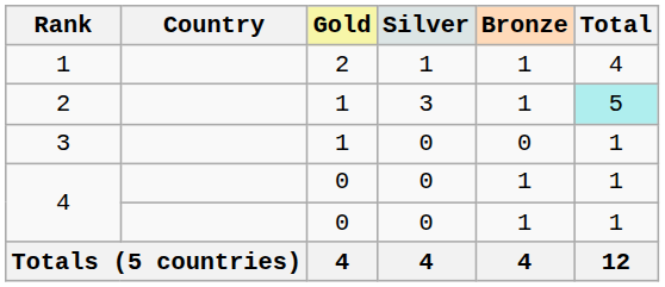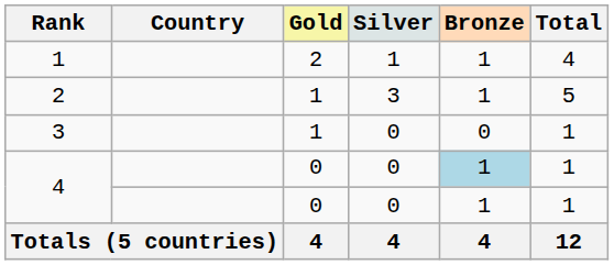 <table class="wikitable sortable" style="text-align:center;">
 <tr>
 <th>Rank</th>
 <th>Country</th>
 <th style="background:#F7F6A8"> Gold</th>
 <th style="background:#DCE5E5"> Silver</th>
 <th style="background:#FFDAB9"> Bronze</th>
 <th>Total</th>
 </tr>
 <tr>
 <td>1</td>
 <td style="text-align:left;"></td>
 <td>2</td>
 <td>1</td>
 <td>1</td>
 <td>4</td>
 </tr>
 <tr>
 <td>2</td>
 <td style="text-align:left;"></td>
 <td>1</td>
 <td>3</td>
 <td>1</td>
-<td style="background: paleturquoise;">5</td>
+<td>5</td>
 </tr>
 <tr>
 <td>3</td>
 <td style="text-align:left;"></td>
 <td>1</td>
 <td>0</td>
 <td>0</td>
 <td>1</td>
 </tr>
 <tr>
 <td rowspan="2">4</td>
 <td style="text-align:left;"></td>
 <td>0</td>
 <td>0</td>
-<td>1</td>
+<td style="background: lightblue;">1</td>
 <td>1</td>
 </tr>
 <tr>
 <td style="text-align:left;"></td>
 <td>0</td>
 <td>0</td>
 <td>1</td>
 <td>1</td>
 </tr>
 <tr>
 <th colspan="2" style="text-align:left;">Totals (5 countries)</th>
 <th>4</th>
 <th>4</th>
 <th>4</th>
 <th>12</th>
 </tr>
 </table>
